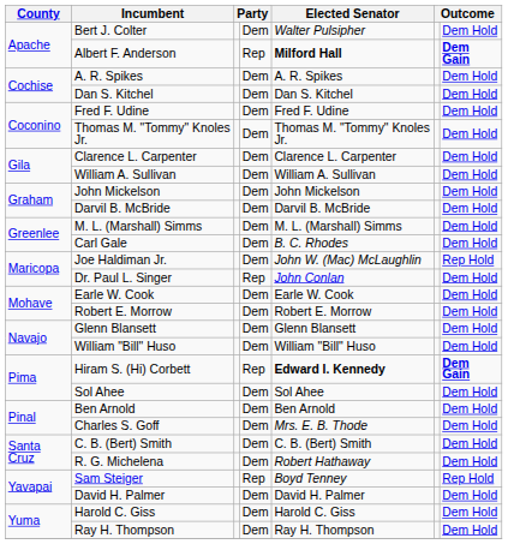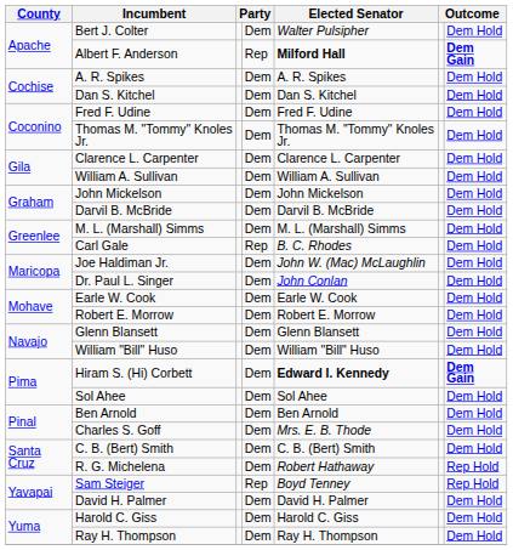 <table class="sortable wikitable" style="font-size:95%;line-height:14px;">
 <tr>
 <th><a href='#'>County</a></th>
 <th>Incumbent</th>
 <th colspan="2">Party</th>
 <th>Elected Senator</th>
 <th colspan="2">Outcome</th>
 </tr>
 <tr>
 <td rowspan="2"><a href='#'>Apache</a></td>
 <td>Bert J. Colter</td>
 <td style="background:"></td>
 <td>Dem</td>
 <td><em>Walter Pulsipher</em></td>
 <td style="background:"></td>
 <td><a href='#'>Dem Hold</a></td>
 </tr>
 <tr>
 <td>Albert F. Anderson</td>
 <td style="background:"></td>
 <td>Rep</td>
 <td><strong>Milford Hall</strong></td>
 <td style="background:"></td>
 <td><strong><a href='#'>Dem Gain</a></strong></td>
 </tr>
 <tr>
 <td rowspan="2"><a href='#'>Cochise</a></td>
 <td>A. R. Spikes</td>
 <td style="background:"></td>
 <td>Dem</td>
 <td>A. R. Spikes</td>
 <td style="background:"></td>
 <td><a href='#'>Dem Hold</a></td>
 </tr>
 <tr>
 <td>Dan S. Kitchel</td>
 <td style="background:"></td>
 <td>Dem</td>
 <td>Dan S. Kitchel</td>
 <td style="background:"></td>
 <td><a href='#'>Dem Hold</a></td>
 </tr>
 <tr>
 <td rowspan="2"><a href='#'>Coconino</a></td>
 <td>Fred F. Udine</td>
 <td style="background:"></td>
 <td>Dem</td>
 <td>Fred F. Udine</td>
 <td style="background:"></td>
 <td><a href='#'>Dem Hold</a></td>
 </tr>
 <tr>
 <td>Thomas M. "Tommy" Knoles Jr.</td>
 <td style="background:"></td>
 <td>Dem</td>
 <td>Thomas M. "Tommy" Knoles Jr.</td>
 <td style="background:"></td>
 <td><a href='#'>Dem Hold</a></td>
 </tr>
 <tr>
 <td rowspan="2"><a href='#'>Gila</a></td>
 <td>Clarence L. Carpenter</td>
 <td style="background:"></td>
 <td>Dem</td>
 <td>Clarence L. Carpenter</td>
 <td style="background:"></td>
 <td><a href='#'>Dem Hold</a></td>
 </tr>
 <tr>
 <td>William A. Sullivan</td>
 <td style="background:"></td>
 <td>Dem</td>
 <td>William A. Sullivan</td>
 <td style="background:"></td>
 <td><a href='#'>Dem Hold</a></td>
 </tr>
 <tr>
 <td rowspan="2"><a href='#'>Graham</a></td>
 <td>John Mickelson</td>
 <td style="background:"></td>
 <td>Dem</td>
 <td>John Mickelson</td>
 <td style="background:"></td>
 <td><a href='#'>Dem Hold</a></td>
 </tr>
 <tr>
 <td>Darvil B. McBride</td>
 <td style="background:"></td>
 <td>Dem</td>
 <td>Darvil B. McBride</td>
 <td style="background:"></td>
 <td><a href='#'>Dem Hold</a></td>
 </tr>
 <tr>
 <td rowspan="2"><a href='#'>Greenlee</a></td>
 <td>M. L. (Marshall) Simms</td>
 <td style="background:"></td>
 <td>Dem</td>
 <td>M. L. (Marshall) Simms</td>
 <td style="background:"></td>
 <td><a href='#'>Dem Hold</a></td>
 </tr>
 <tr>
 <td>Carl Gale</td>
 <td style="background:"></td>
-<td>Dem</td>
+<td>Rep</td>
 <td><em>B. C. Rhodes</em></td>
 <td style="background:"></td>
 <td><a href='#'>Dem Hold</a></td>
 </tr>
 <tr>
 <td rowspan="2"><a href='#'>Maricopa</a></td>
 <td>Joe Haldiman Jr.</td>
 <td style="background:"></td>
 <td>Dem</td>
 <td><em>John W. (Mac) McLaughlin</em></td>
 <td style="background:"></td>
-<td><a href='#'>Rep Hold</a></td>
+<td><a href='#'>Dem Hold</a></td>
 </tr>
 <tr>
 <td>Dr. Paul L. Singer</td>
 <td style="background:"></td>
-<td>Rep</td>
+<td>Dem</td>
 <td><em><a href='#'>John Conlan</a></em></td>
 <td style="background:"></td>
 <td><a href='#'>Dem Hold</a></td>
 </tr>
 <tr>
 <td rowspan="2"><a href='#'>Mohave</a></td>
 <td>Earle W. Cook</td>
 <td style="background:"></td>
 <td>Dem</td>
 <td>Earle W. Cook</td>
 <td style="background:"></td>
 <td><a href='#'>Dem Hold</a></td>
 </tr>
 <tr>
 <td>Robert E. Morrow</td>
 <td style="background:"></td>
 <td>Dem</td>
 <td>Robert E. Morrow</td>
 <td style="background:"></td>
 <td><a href='#'>Dem Hold</a></td>
 </tr>
 <tr>
 <td rowspan="2"><a href='#'>Navajo</a></td>
 <td>Glenn Blansett</td>
 <td style="background:"></td>
 <td>Dem</td>
 <td>Glenn Blansett</td>
 <td style="background:"></td>
 <td><a href='#'>Dem Hold</a></td>
 </tr>
 <tr>
 <td>William "Bill" Huso</td>
 <td style="background:"></td>
 <td>Dem</td>
 <td>William "Bill" Huso</td>
 <td style="background:"></td>
 <td><a href='#'>Dem Hold</a></td>
 </tr>
 <tr>
 <td rowspan="2"><a href='#'>Pima</a></td>
 <td>Hiram S. (Hi) Corbett</td>
 <td style="background:"></td>
-<td>Rep</td>
+<td>Dem</td>
 <td><strong>Edward I. Kennedy</strong></td>
 <td style="background:"></td>
 <td><strong><a href='#'>Dem Gain</a></strong></td>
 </tr>
 <tr>
 <td>Sol Ahee</td>
 <td style="background:"></td>
 <td>Dem</td>
 <td>Sol Ahee</td>
 <td style="background:"></td>
 <td><a href='#'>Dem Hold</a></td>
 </tr>
 <tr>
 <td rowspan="2"><a href='#'>Pinal</a></td>
 <td>Ben Arnold</td>
 <td style="background:"></td>
 <td>Dem</td>
 <td>Ben Arnold</td>
 <td style="background:"></td>
 <td><a href='#'>Dem Hold</a></td>
 </tr>
 <tr>
 <td>Charles S. Goff</td>
 <td style="background:"></td>
 <td>Dem</td>
 <td><em>Mrs. E. B. Thode</em></td>
 <td style="background:"></td>
 <td><a href='#'>Dem Hold</a></td>
 </tr>
 <tr>
 <td rowspan="2"><a href='#'>Santa Cruz</a></td>
 <td>C. B. (Bert) Smith</td>
 <td style="background:"></td>
 <td>Dem</td>
 <td>C. B. (Bert) Smith</td>
 <td style="background:"></td>
 <td><a href='#'>Dem Hold</a></td>
 </tr>
 <tr>
 <td>R. G. Michelena</td>
 <td style="background:"></td>
 <td>Dem</td>
 <td><em>Robert Hathaway</em></td>
 <td style="background:"></td>
-<td><a href='#'>Dem Hold</a></td>
+<td><a href='#'>Rep Hold</a></td>
 </tr>
 <tr>
 <td rowspan="2"><a href='#'>Yavapai</a></td>
 <td><a href='#'>Sam Steiger</a></td>
 <td style="background:"></td>
 <td>Rep</td>
 <td><em>Boyd Tenney</em></td>
 <td style="background:"></td>
 <td><a href='#'>Rep Hold</a></td>
 </tr>
 <tr>
 <td>David H. Palmer</td>
 <td style="background:"></td>
 <td>Dem</td>
 <td>David H. Palmer</td>
 <td style="background:"></td>
 <td><a href='#'>Dem Hold</a></td>
 </tr>
 <tr>
 <td rowspan="2"><a href='#'>Yuma</a></td>
 <td>Harold C. Giss</td>
 <td style="background:"></td>
 <td>Dem</td>
 <td>Harold C. Giss</td>
 <td style="background:"></td>
 <td><a href='#'>Dem Hold</a></td>
 </tr>
 <tr>
 <td>Ray H. Thompson</td>
 <td style="background:"></td>
 <td>Dem</td>
 <td>Ray H. Thompson</td>
 <td style="background:"></td>
 <td><a href='#'>Dem Hold</a></td>
 </tr>
 <tr>
 </tr>
 </table>
